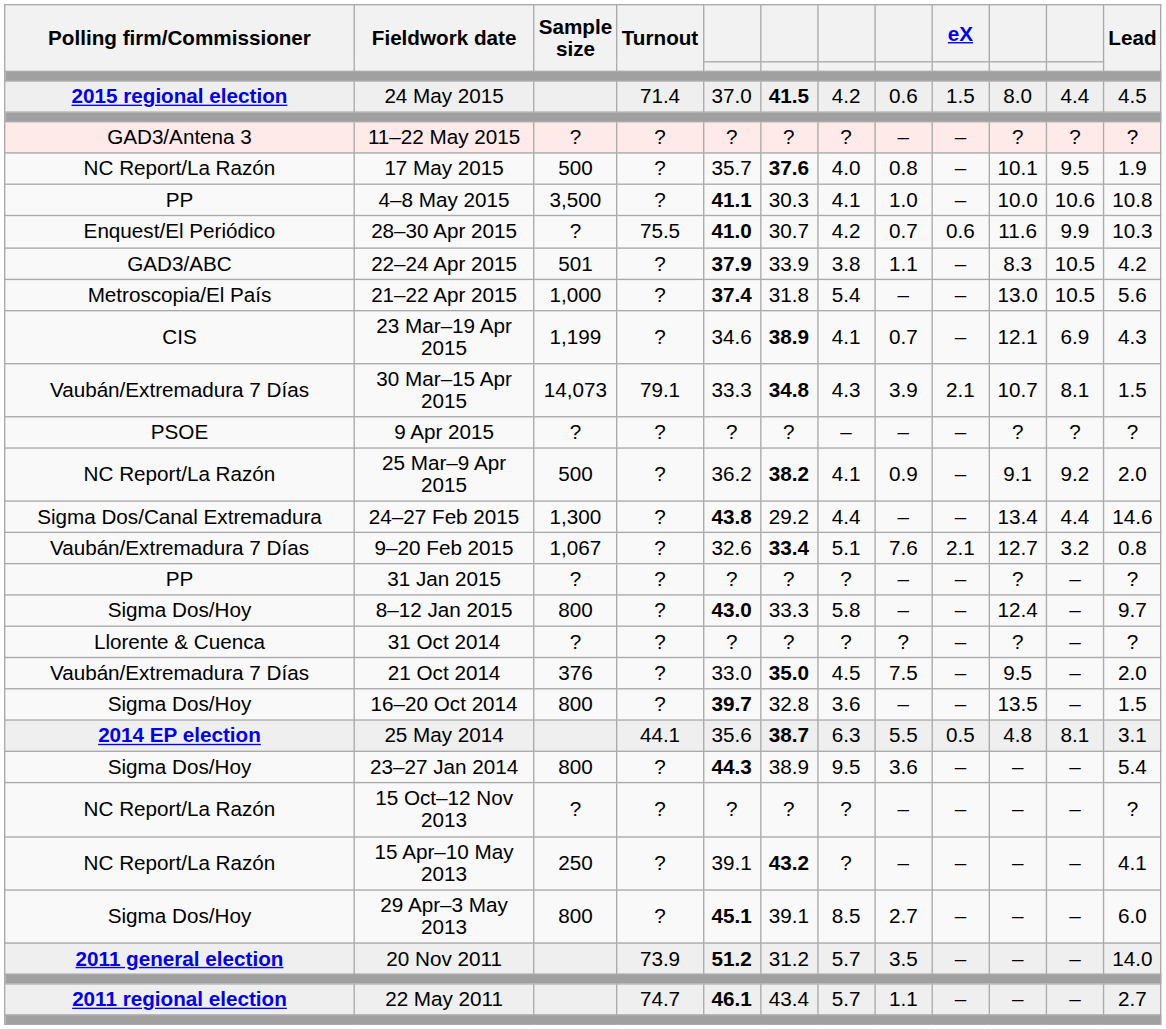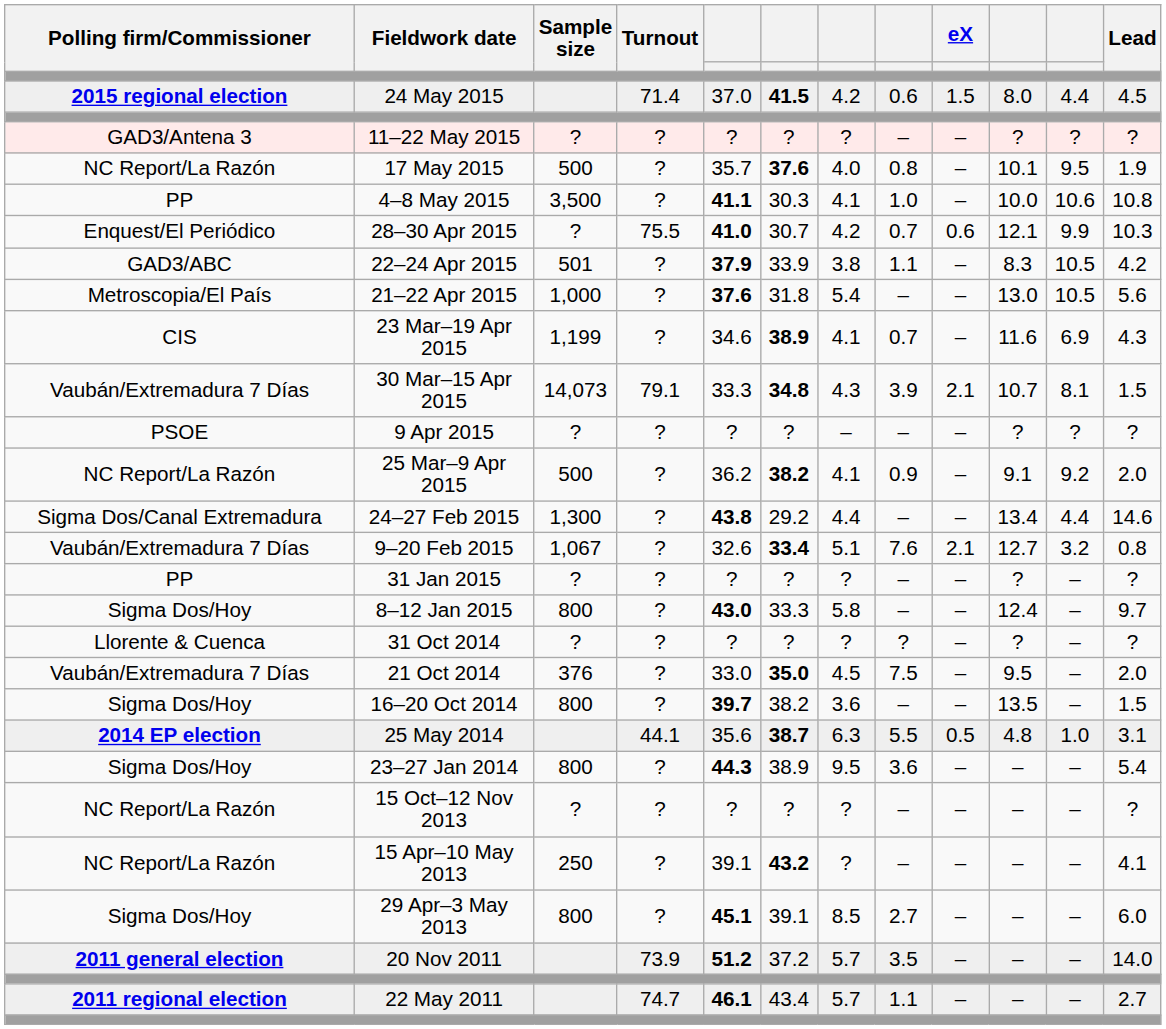 <table class="wikitable collapsible collapsed" style="text-align:center; font-size:95%; line-height:16px;">
 <tr style="height:42px;">
 <th style="width:250px;" rowspan="2">Polling firm/Commissioner</th>
 <th style="width:125px;" rowspan="2">Fieldwork date</th>
 <th style="width:50px;" rowspan="2">Sample size</th>
 <th style="width:45px;" rowspan="2">Turnout</th>
 <th style="width:35px;"></th>
 <th style="width:35px;"></th>
 <th style="width:35px;"></th>
 <th style="width:35px;"></th>
 <th style="width:35px;"><a href='#'>eX</a></th>
 <th style="width:35px;"></th>
 <th style="width:35px;"></th>
 <th style="width:30px;" rowspan="2">Lead</th>
 </tr>
 <tr>
 <th style="color:inherit;background:"></th>
 <th style="color:inherit;background:"></th>
 <th style="color:inherit;background:"></th>
 <th style="color:inherit;background:"></th>
 <th style="color:inherit;background:"></th>
 <th style="color:inherit;background:"></th>
 <th style="color:inherit;background:"></th>
 </tr>
 <tr>
 <td colspan="12" style="background:#A0A0A0"></td>
 </tr>
 <tr style="background:#EFEFEF;">
 <td><strong><a href='#'>2015 regional election</a></strong></td>
 <td>24 May 2015</td>
 <td></td>
 <td>71.4</td>
 <td>37.0<br></td>
 <td><strong>41.5</strong><br></td>
 <td>4.2<br></td>
 <td>0.6<br></td>
 <td>1.5<br></td>
 <td>8.0<br></td>
 <td>4.4<br></td>
 <td style="background:">4.5</td>
 </tr>
 <tr>
 <td colspan="12" style="background:#A0A0A0"></td>
 </tr>
 <tr style="background:#FFEAEA;">
 <td>GAD3/Antena 3</td>
 <td>11–22 May 2015</td>
 <td>?</td>
 <td>?</td>
 <td>?<br></td>
 <td>?<br></td>
 <td>?<br></td>
 <td>–</td>
 <td>–</td>
 <td>?<br></td>
 <td>?<br></td>
 <td style="background:">?</td>
 </tr>
 <tr>
 <td>NC Report/La Razón</td>
 <td>17 May 2015</td>
 <td>500</td>
 <td>?</td>
 <td>35.7<br></td>
 <td><strong>37.6</strong><br></td>
 <td>4.0<br></td>
 <td>0.8<br></td>
 <td>–</td>
 <td>10.1<br></td>
 <td>9.5<br></td>
 <td style="background:">1.9</td>
 </tr>
 <tr>
 <td>PP</td>
 <td>4–8 May 2015</td>
 <td>3,500</td>
 <td>?</td>
 <td><strong>41.1</strong><br></td>
 <td>30.3<br></td>
 <td>4.1<br></td>
 <td>1.0<br></td>
 <td>–</td>
 <td>10.0<br></td>
 <td>10.6<br></td>
 <td style="background:">10.8</td>
 </tr>
 <tr>
 <td>Enquest/El Periódico</td>
 <td>28–30 Apr 2015</td>
 <td>?</td>
 <td>75.5</td>
 <td><strong>41.0</strong><br></td>
 <td>30.7<br></td>
 <td>4.2<br></td>
 <td>0.7<br></td>
 <td>0.6<br></td>
-<td>11.6<br></td>
+<td>12.1<br></td>
 <td>9.9<br></td>
 <td style="background:">10.3</td>
 </tr>
 <tr>
 <td>GAD3/ABC</td>
 <td>22–24 Apr 2015</td>
 <td>501</td>
 <td>?</td>
 <td><strong>37.9</strong><br></td>
 <td>33.9<br></td>
 <td>3.8<br></td>
 <td>1.1<br></td>
 <td>–</td>
 <td>8.3<br></td>
 <td>10.5<br></td>
 <td style="background:">4.2</td>
 </tr>
 <tr>
 <td>Metroscopia/El País</td>
 <td>21–22 Apr 2015</td>
 <td>1,000</td>
 <td>?</td>
-<td><strong>37.4</strong><br></td>
+<td><strong>37.6</strong><br></td>
 <td>31.8<br></td>
 <td>5.4<br></td>
 <td>–</td>
 <td>–</td>
 <td>13.0<br></td>
 <td>10.5<br></td>
 <td style="background:">5.6</td>
 </tr>
 <tr>
 <td>CIS</td>
 <td>23 Mar–19 Apr 2015</td>
 <td>1,199</td>
 <td>?</td>
 <td>34.6<br></td>
 <td><strong>38.9</strong><br></td>
 <td>4.1<br></td>
 <td>0.7<br></td>
 <td>–</td>
-<td>12.1<br></td>
+<td>11.6<br></td>
 <td>6.9<br></td>
 <td style="background:">4.3</td>
 </tr>
 <tr>
 <td>Vaubán/Extremadura 7 Días</td>
 <td>30 Mar–15 Apr 2015</td>
 <td>14,073</td>
 <td>79.1</td>
 <td>33.3<br></td>
 <td><strong>34.8</strong><br></td>
 <td>4.3<br></td>
 <td>3.9<br></td>
 <td>2.1<br></td>
 <td>10.7<br></td>
 <td>8.1<br></td>
 <td style="background:">1.5</td>
 </tr>
 <tr>
 <td>PSOE</td>
 <td>9 Apr 2015</td>
 <td>?</td>
 <td>?</td>
 <td>?<br></td>
 <td>?<br></td>
 <td>–</td>
 <td>–</td>
 <td>–</td>
 <td>?<br></td>
 <td>?<br></td>
 <td style="background:">?</td>
 </tr>
 <tr>
 <td>NC Report/La Razón</td>
 <td>25 Mar–9 Apr 2015</td>
 <td>500</td>
 <td>?</td>
 <td>36.2<br></td>
 <td><strong>38.2</strong><br></td>
 <td>4.1<br></td>
 <td>0.9<br></td>
 <td>–</td>
 <td>9.1<br></td>
 <td>9.2<br></td>
 <td style="background:">2.0</td>
 </tr>
 <tr>
 <td>Sigma Dos/Canal Extremadura</td>
 <td>24–27 Feb 2015</td>
 <td>1,300</td>
 <td>?</td>
 <td><strong>43.8</strong><br></td>
 <td>29.2<br></td>
 <td>4.4<br></td>
 <td>–</td>
 <td>–</td>
 <td>13.4<br></td>
 <td>4.4<br></td>
 <td style="background:">14.6</td>
 </tr>
 <tr>
 <td>Vaubán/Extremadura 7 Días</td>
 <td>9–20 Feb 2015</td>
 <td>1,067</td>
 <td>?</td>
 <td>32.6<br></td>
 <td><strong>33.4</strong><br></td>
 <td>5.1<br></td>
 <td>7.6<br></td>
 <td>2.1<br></td>
 <td>12.7<br></td>
 <td>3.2<br></td>
 <td style="background:">0.8</td>
 </tr>
 <tr>
 <td>PP</td>
 <td>31 Jan 2015</td>
 <td>?</td>
 <td>?</td>
 <td>?<br></td>
 <td>?<br></td>
 <td>?<br></td>
 <td>–</td>
 <td>–</td>
 <td>?<br></td>
 <td>–</td>
 <td style="background:">?</td>
 </tr>
 <tr>
 <td>Sigma Dos/Hoy</td>
 <td>8–12 Jan 2015</td>
 <td>800</td>
 <td>?</td>
 <td><strong>43.0</strong><br></td>
 <td>33.3<br></td>
 <td>5.8<br></td>
 <td>–</td>
 <td>–</td>
 <td>12.4<br></td>
 <td>–</td>
 <td style="background:">9.7</td>
 </tr>
 <tr>
 <td>Llorente & Cuenca</td>
 <td>31 Oct 2014</td>
 <td>?</td>
 <td>?</td>
 <td>?<br></td>
 <td>?<br></td>
 <td>?<br></td>
 <td>?<br></td>
 <td>–</td>
 <td>?<br></td>
 <td>–</td>
 <td style="background:">?</td>
 </tr>
 <tr>
 <td>Vaubán/Extremadura 7 Días</td>
 <td>21 Oct 2014</td>
 <td>376</td>
 <td>?</td>
 <td>33.0<br></td>
 <td><strong>35.0</strong><br></td>
 <td>4.5<br></td>
 <td>7.5<br></td>
 <td>–</td>
 <td>9.5<br></td>
 <td>–</td>
 <td style="background:">2.0</td>
 </tr>
 <tr>
 <td>Sigma Dos/Hoy</td>
 <td>16–20 Oct 2014</td>
 <td>800</td>
 <td>?</td>
 <td><strong>39.7</strong><br></td>
-<td>32.8<br></td>
+<td>38.2<br></td>
 <td>3.6<br></td>
 <td>–</td>
 <td>–</td>
 <td>13.5<br></td>
 <td>–</td>
 <td style="background:">1.5</td>
 </tr>
 <tr style="background:#EFEFEF;">
 <td><strong><a href='#'>2014 EP election</a></strong></td>
 <td>25 May 2014</td>
 <td></td>
 <td>44.1</td>
 <td>35.6<br></td>
 <td><strong>38.7</strong><br></td>
 <td>6.3<br></td>
 <td>5.5<br></td>
 <td>0.5<br></td>
 <td>4.8<br></td>
-<td>8.1<br></td>
+<td>1.0<br></td>
 <td style="background:">3.1</td>
 </tr>
 <tr>
 <td>Sigma Dos/Hoy</td>
 <td>23–27 Jan 2014</td>
 <td>800</td>
 <td>?</td>
 <td><strong>44.3</strong><br></td>
 <td>38.9<br></td>
 <td>9.5<br></td>
 <td>3.6<br></td>
 <td>–</td>
 <td>–</td>
 <td>–</td>
 <td style="background:">5.4</td>
 </tr>
 <tr>
 <td>NC Report/La Razón</td>
 <td>15 Oct–12 Nov 2013</td>
 <td>?</td>
 <td>?</td>
 <td>?<br></td>
 <td>?<br></td>
 <td>?<br></td>
 <td>–</td>
 <td>–</td>
 <td>–</td>
 <td>–</td>
 <td style="background:">?</td>
 </tr>
 <tr>
 <td>NC Report/La Razón</td>
 <td>15 Apr–10 May 2013</td>
 <td>250</td>
 <td>?</td>
 <td>39.1<br></td>
 <td><strong>43.2</strong><br></td>
 <td>?<br></td>
 <td>–</td>
 <td>–</td>
 <td>–</td>
 <td>–</td>
 <td style="background:">4.1</td>
 </tr>
 <tr>
 <td>Sigma Dos/Hoy</td>
 <td>29 Apr–3 May 2013</td>
 <td>800</td>
 <td>?</td>
 <td><strong>45.1</strong><br></td>
 <td>39.1<br></td>
 <td>8.5<br></td>
 <td>2.7<br></td>
 <td>–</td>
 <td>–</td>
 <td>–</td>
 <td style="background:">6.0</td>
 </tr>
 <tr style="background:#EFEFEF;">
 <td><strong><a href='#'>2011 general election</a></strong></td>
 <td>20 Nov 2011</td>
 <td></td>
 <td>73.9</td>
 <td><strong>51.2</strong><br></td>
-<td>31.2<br></td>
+<td>37.2<br></td>
 <td>5.7<br></td>
 <td>3.5<br></td>
 <td>–</td>
 <td>–</td>
 <td>–</td>
 <td style="background:">14.0</td>
 </tr>
 <tr>
 <td colspan="12" style="background:#A0A0A0"></td>
 </tr>
 <tr style="background:#EFEFEF;">
 <td><strong><a href='#'>2011 regional election</a></strong></td>
 <td>22 May 2011</td>
 <td></td>
 <td>74.7</td>
 <td><strong>46.1</strong><br></td>
 <td>43.4<br></td>
 <td>5.7<br></td>
 <td>1.1<br></td>
 <td>–</td>
 <td>–</td>
 <td>–</td>
 <td style="background:">2.7</td>
 </tr>
 <tr>
 <td colspan="12" style="background:#A0A0A0"></td>
 </tr>
 </table>
